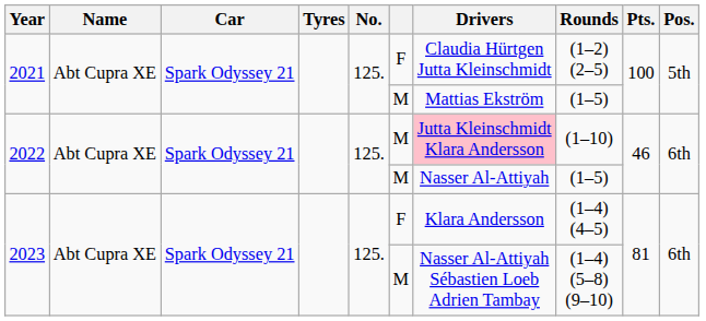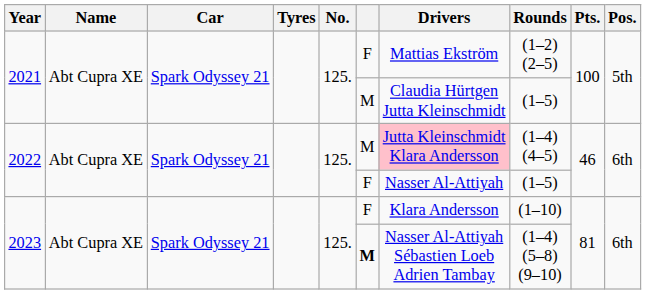 <table class="wikitable" style="text-align:center; font-size:85%;">
 <tr>
 <th>Year</th>
 <th>Name</th>
 <th>Car</th>
 <th>Tyres</th>
 <th>No.</th>
 <th></th>
 <th>Drivers</th>
 <th>Rounds</th>
 <th>Pts.</th>
 <th>Pos.</th>
 </tr>
 <tr>
 <td rowspan="2"><a href='#'>2021</a></td>
 <td rowspan="2"> Abt Cupra XE</td>
 <td rowspan="2"><a href='#'>Spark Odyssey 21</a></td>
 <td rowspan="2"></td>
 <td rowspan="2">125.</td>
 <td>F</td>
-<td> <a href='#'>Claudia Hürtgen</a><br> <a href='#'>Jutta Kleinschmidt</a></td>
+<td> <a href='#'>Mattias Ekström</a></td>
 <td>(1–2)<br>(2–5)</td>
 <td rowspan="2">100</td>
 <td rowspan="2">5th</td>
 </tr>
 <tr>
 <td>M</td>
-<td> <a href='#'>Mattias Ekström</a></td>
+<td> <a href='#'>Claudia Hürtgen</a><br> <a href='#'>Jutta Kleinschmidt</a></td>
 <td>(1–5)</td>
 </tr>
 <tr>
 <td rowspan="2"><a href='#'>2022</a></td>
 <td rowspan="2"> Abt Cupra XE</td>
 <td rowspan="2"><a href='#'>Spark Odyssey 21</a></td>
 <td rowspan="2"></td>
 <td rowspan="2">125.</td>
 <td>M</td>
 <td style="background: pink;"> <a href='#'>Jutta Kleinschmidt</a><br> <a href='#'>Klara Andersson</a></td>
-<td>(1–10)</td>
+<td>(1–4)<br>(4–5)</td>
 <td rowspan="2">46</td>
 <td rowspan="2">6th</td>
 </tr>
 <tr>
-<td>M</td>
+<td>F</td>
 <td> <a href='#'>Nasser Al-Attiyah</a></td>
 <td>(1–5)</td>
 </tr>
 <tr>
 <td rowspan="2"><a href='#'>2023</a></td>
 <td rowspan="2"> Abt Cupra XE</td>
 <td rowspan="2"><a href='#'>Spark Odyssey 21</a></td>
 <td rowspan="2"></td>
 <td rowspan="2">125.</td>
 <td>F</td>
 <td> <a href='#'>Klara Andersson</a></td>
-<td>(1–4)<br>(4–5)</td>
+<td>(1–10)</td>
 <td rowspan="2">81</td>
 <td rowspan="2">6th</td>
 </tr>
 <tr>
-<td>M</td>
+<td><strong>M</strong></td>
 <td> <a href='#'>Nasser Al-Attiyah</a><br> <a href='#'>Sébastien Loeb</a><br> <a href='#'>Adrien Tambay</a></td>
 <td>(1–4)<br>(5–8)<br>(9–10)</td>
 </tr>
 </table>
